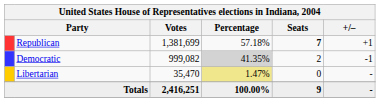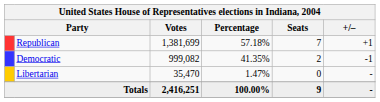 <table class="wikitable" style="font-size: 95%;">
 <tr>
 <th colspan="6">United States House of Representatives elections in Indiana, 2004</th>
 </tr>
 <tr>
 <th colspan=2 style="width: 15em">Party</th>
 <th style="width: 5em">Votes</th>
 <th style="width: 7em">Percentage</th>
 <th style="width: 5em">Seats</th>
 <th style="width: 5em">+/–</th>
 </tr>
 <tr>
 <th style="background-color:#FF3333; width: 3px"></th>
 <td style="width: 130px"><a href='#'>Republican</a></td>
 <td align="right">1,381,699</td>
 <td align="right">57.18%</td>
-<td align="right"><strong>7</strong></td>
+<td align="right">7</td>
 <td align="right">+1</td>
 </tr>
 <tr>
 <th style="background-color:#3333FF; width: 3px"></th>
 <td style="width: 130px"><a href='#'>Democratic</a></td>
 <td align="right">999,082</td>
-<td align="right" style="background: lightgrey;">41.35%</td>
+<td align="right">41.35%</td>
 <td align="right">2</td>
 <td align="right">-1</td>
 </tr>
 <tr>
 <th style="background-color:#FFCC00; width: 3px"></th>
 <td style="width: 130px"><a href='#'>Libertarian</a></td>
 <td align="right">35,470</td>
-<td align="right" style="background: khaki;">1.47%</td>
+<td align="right">1.47%</td>
 <td align="right">0</td>
 <td align="right">-</td>
 </tr>
 <tr>
 </tr>
 <tr bgcolor="#EEEEEE">
 <td colspan="2" align="right"><strong>Totals</strong></td>
 <td align="right"><strong>2,416,251</strong></td>
 <td align="right"><strong>100.00%</strong></td>
 <td align="right"><strong>9</strong></td>
 <td align="right"><strong>-</strong></td>
 </tr>
 <tr bgcolor="#EEEEEE">
 </tr>
 </table>
